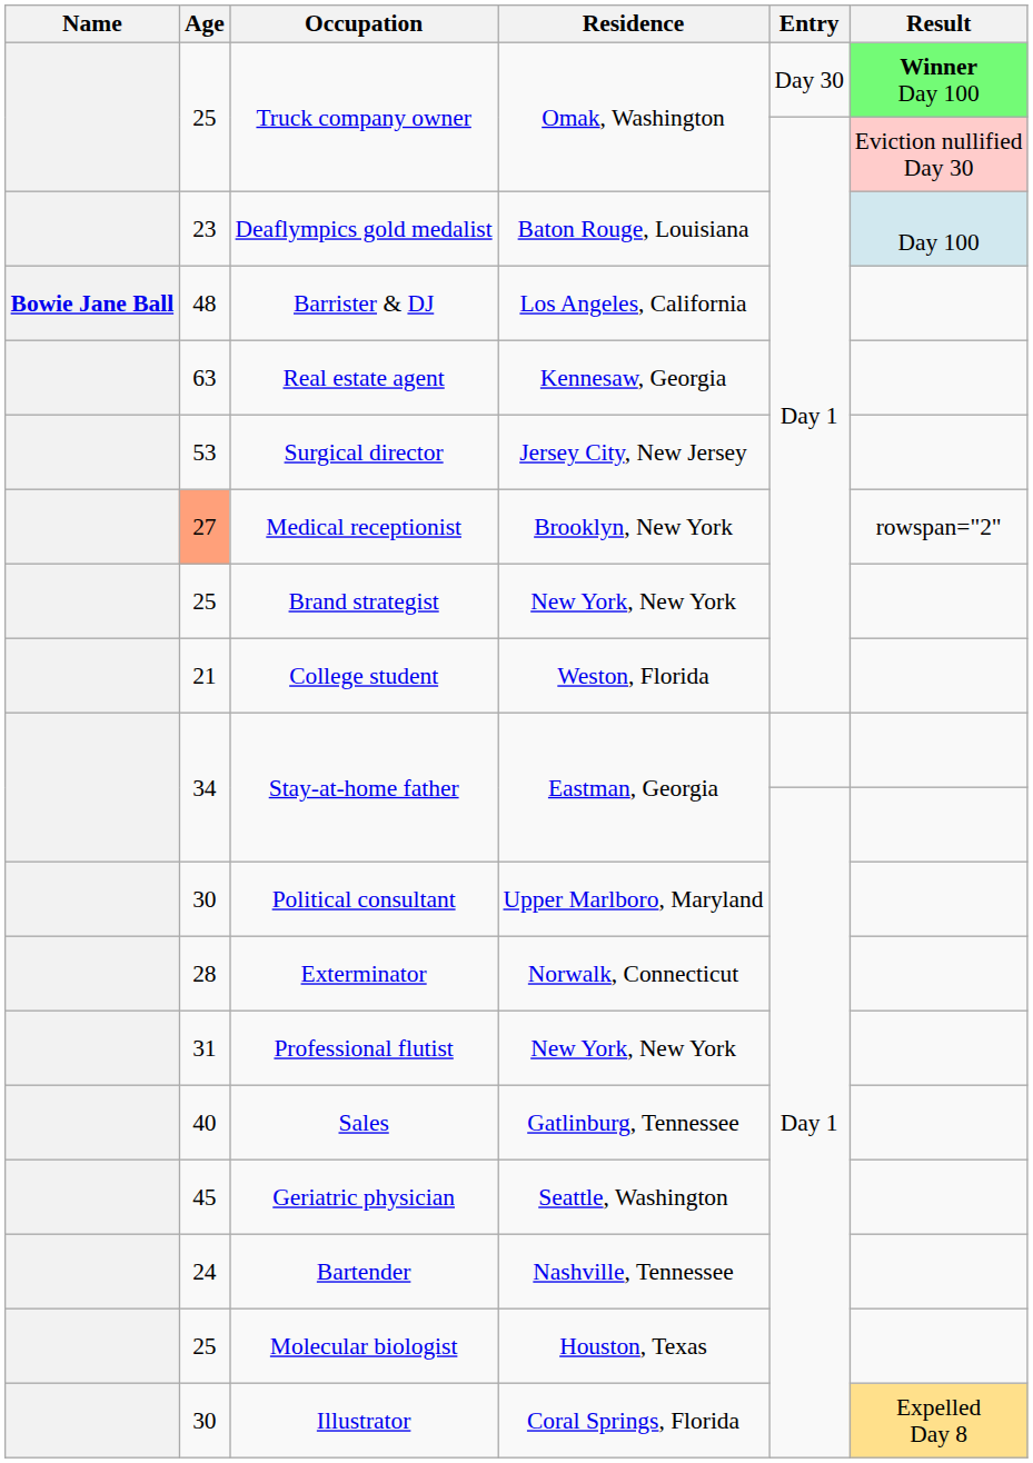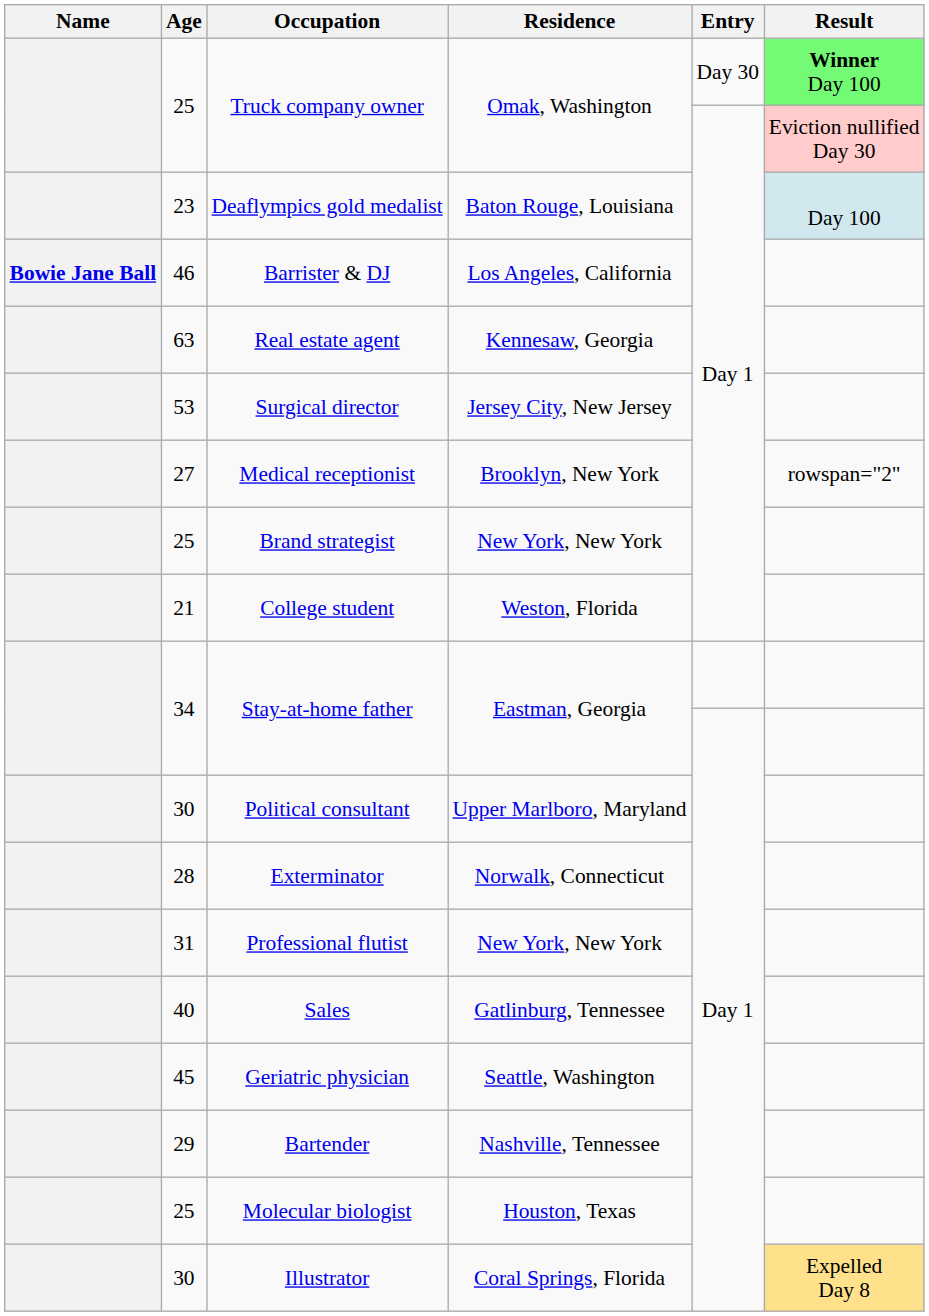 <table class="wikitable sortable" style="text-align:center;">
 <tr>
 <th scope="col">Name</th>
 <th scope="col">Age</th>
 <th scope="col" class="unsortable">Occupation</th>
 <th scope="col" class="unsortable">Residence</th>
 <th scope="col" class="unsortable">Entry</th>
 <th scope="col" class="unsortable">Result</th>
 </tr>
 <tr style="height:50px">
 <th scope="row" rowspan="2"></th>
 <td rowspan="2">25</td>
 <td rowspan="2"><a href='#'>Truck company owner</a></td>
 <td rowspan="2"><a href='#'>Omak</a>, Washington</td>
 <td>Day 30</td>
 <td bgcolor="73FB76"><strong>Winner</strong><br>Day 100</td>
 </tr>
 <tr style="height:50px">
 <td rowspan="8">Day 1</td>
 <td bgcolor="#FFCCCB">Eviction nullified<br>Day 30</td>
 </tr>
 <tr style="height:50px">
 <th scope="row"></th>
 <td>23</td>
 <td><a href='#'>Deaflympics gold medalist</a></td>
 <td><a href='#'>Baton Rouge</a>, Louisiana</td>
 <td bgcolor="D1E8EF"><br>Day 100</td>
 </tr>
 <tr style="height:50px">
 <th scope="row"><a href='#'>Bowie Jane Ball</a></th>
-<td>48</td>
+<td>46</td>
 <td><a href='#'>Barrister</a> & <a href='#'>DJ</a></td>
 <td><a href='#'>Los Angeles</a>, California</td>
 <td></td>
 </tr>
 <tr style="height:50px">
 <th scope="row"></th>
 <td>63</td>
 <td><a href='#'>Real estate agent</a></td>
 <td><a href='#'>Kennesaw</a>, Georgia</td>
 <td></td>
 </tr>
 <tr style="height:50px">
 <th scope="row"></th>
 <td>53</td>
 <td><a href='#'>Surgical director</a></td>
 <td><a href='#'>Jersey City</a>, New Jersey</td>
 <td></td>
 </tr>
 <tr style="height:50px">
 <th scope="row"></th>
-<td style="background: lightsalmon;">27</td>
+<td>27</td>
 <td><a href='#'>Medical receptionist</a></td>
 <td><a href='#'>Brooklyn</a>, New York</td>
 <td>rowspan="2" </td>
 </tr>
 <tr style="height:50px">
 <th scope="row"></th>
 <td>25</td>
 <td><a href='#'>Brand strategist</a></td>
 <td><a href='#'>New York</a>, New York</td>
 </tr>
 <tr style="height:50px">
 <th scope="row"></th>
 <td>21</td>
 <td><a href='#'>College student</a></td>
 <td><a href='#'>Weston</a>, Florida</td>
 <td></td>
 </tr>
 <tr style="height:50px">
 <th scope="row" rowspan="2"></th>
 <td rowspan="2">34</td>
 <td rowspan="2"><a href='#'>Stay-at-home father</a></td>
 <td rowspan="2"><a href='#'>Eastman</a>, Georgia</td>
 <td></td>
 <td></td>
 </tr>
 <tr style="height:50px">
 <td rowspan="9">Day 1</td>
 <td></td>
 </tr>
 <tr style="height:50px">
 <th scope="row"></th>
 <td>30</td>
 <td><a href='#'>Political consultant</a></td>
 <td><a href='#'>Upper Marlboro</a>, Maryland</td>
 <td></td>
 </tr>
 <tr style="height:50px">
 <th scope="row"></th>
 <td>28</td>
 <td><a href='#'>Exterminator</a></td>
 <td><a href='#'>Norwalk</a>, Connecticut</td>
 <td></td>
 </tr>
 <tr style="height:50px">
 <th scope="row"></th>
 <td>31</td>
 <td><a href='#'>Professional flutist</a></td>
 <td><a href='#'>New York</a>, New York</td>
 <td></td>
 </tr>
 <tr style="height:50px">
 <th scope="row"></th>
 <td>40</td>
 <td><a href='#'>Sales</a></td>
 <td><a href='#'>Gatlinburg</a>, Tennessee</td>
 <td></td>
 </tr>
 <tr style="height:50px">
 <th scope="row"></th>
 <td>45</td>
 <td><a href='#'>Geriatric physician</a></td>
 <td><a href='#'>Seattle</a>, Washington</td>
 <td></td>
 </tr>
 <tr style="height:50px">
 <th scope="row"></th>
-<td>24</td>
+<td>29</td>
 <td><a href='#'>Bartender</a></td>
 <td><a href='#'>Nashville</a>, Tennessee</td>
 <td></td>
 </tr>
 <tr style="height:50px">
 <th scope="row"></th>
 <td>25</td>
 <td><a href='#'>Molecular biologist</a></td>
 <td><a href='#'>Houston</a>, Texas</td>
 <td></td>
 </tr>
 <tr style="height:50px">
 <th scope="row"></th>
 <td>30</td>
 <td><a href='#'>Illustrator</a></td>
 <td><a href='#'>Coral Springs</a>, Florida</td>
 <td bgcolor="FFE08B">Expelled<br>Day 8</td>
 </tr>
 </table>
